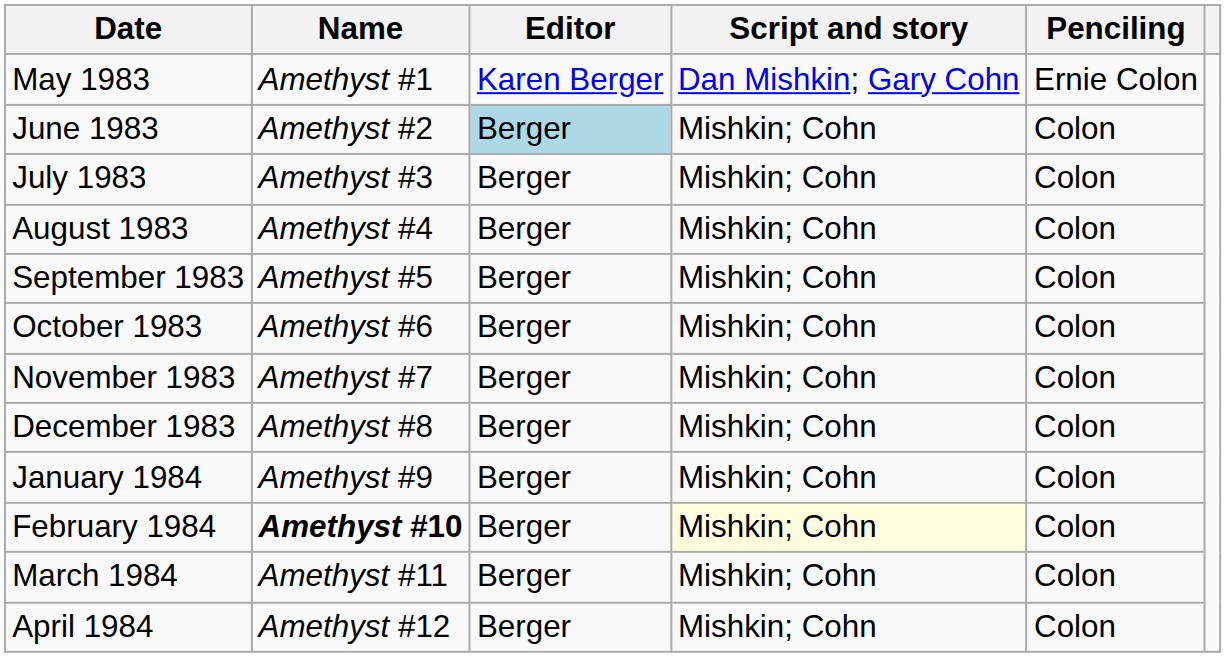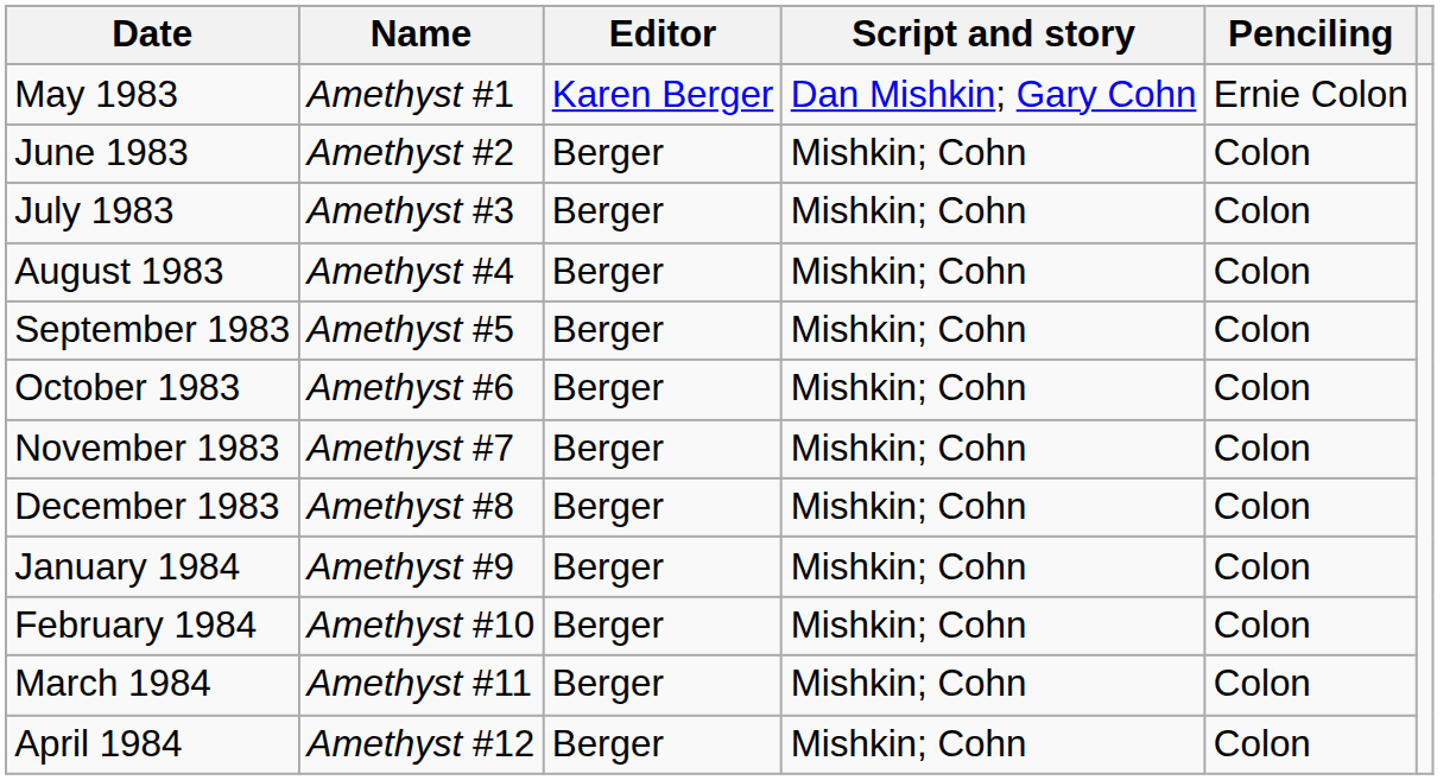 <table class="wikitable">
 <tr>
 <th>Date</th>
 <th>Name</th>
 <th>Editor</th>
 <th>Script and story</th>
 <th>Penciling</th>
 <th></th>
 </tr>
 <tr>
 <td>May 1983</td>
 <td><em>Amethyst</em> #1</td>
 <td><a href='#'>Karen Berger</a></td>
 <td><a href='#'>Dan Mishkin</a>; <a href='#'>Gary Cohn</a></td>
 <td>Ernie Colon</td>
 <td rowspan="12"></td>
 </tr>
 <tr>
 <td>June 1983</td>
 <td><em>Amethyst</em> #2</td>
-<td style="background: lightblue;">Berger</td>
+<td>Berger</td>
 <td>Mishkin; Cohn</td>
 <td>Colon</td>
 </tr>
 <tr>
 <td>July 1983</td>
 <td><em>Amethyst</em> #3</td>
 <td>Berger</td>
 <td>Mishkin; Cohn</td>
 <td>Colon</td>
 </tr>
 <tr>
 <td>August 1983</td>
 <td><em>Amethyst</em> #4</td>
 <td>Berger</td>
 <td>Mishkin; Cohn</td>
 <td>Colon</td>
 </tr>
 <tr>
 <td>September 1983</td>
 <td><em>Amethyst</em> #5</td>
 <td>Berger</td>
 <td>Mishkin; Cohn</td>
 <td>Colon</td>
 </tr>
 <tr>
 <td>October 1983</td>
 <td><em>Amethyst</em> #6</td>
 <td>Berger</td>
 <td>Mishkin; Cohn</td>
 <td>Colon</td>
 </tr>
 <tr>
 <td>November 1983</td>
 <td><em>Amethyst</em> #7</td>
 <td>Berger</td>
 <td>Mishkin; Cohn</td>
 <td>Colon</td>
 </tr>
 <tr>
 <td>December 1983</td>
 <td><em>Amethyst</em> #8</td>
 <td>Berger</td>
 <td>Mishkin; Cohn</td>
 <td>Colon</td>
 </tr>
 <tr>
 <td>January 1984</td>
 <td><em>Amethyst</em> #9</td>
 <td>Berger</td>
 <td>Mishkin; Cohn</td>
 <td>Colon</td>
 </tr>
 <tr>
 <td>February 1984</td>
-<td><strong><em>Amethyst</em> #10</strong></td>
+<td><em>Amethyst</em> #10</td>
 <td>Berger</td>
-<td style="background: lightyellow;">Mishkin; Cohn</td>
+<td>Mishkin; Cohn</td>
 <td>Colon</td>
 </tr>
 <tr>
 <td>March 1984</td>
 <td><em>Amethyst</em> #11</td>
 <td>Berger</td>
 <td>Mishkin; Cohn</td>
 <td>Colon</td>
 </tr>
 <tr>
 <td>April 1984</td>
 <td><em>Amethyst</em> #12</td>
 <td>Berger</td>
 <td>Mishkin; Cohn</td>
 <td>Colon</td>
 </tr>
 </table>
